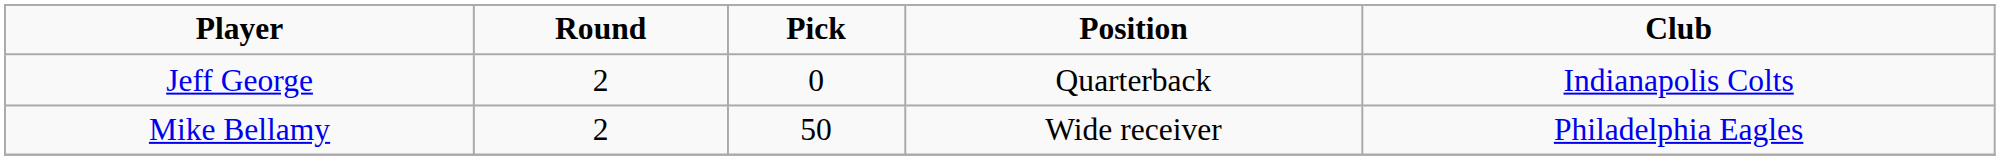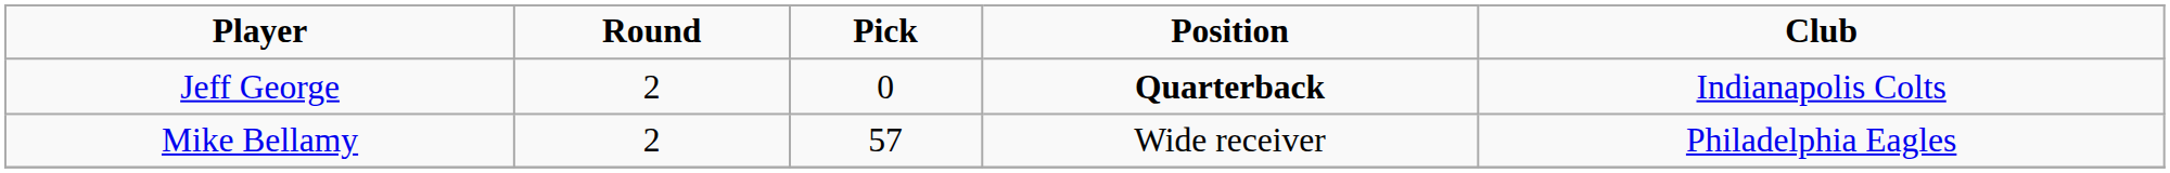 <table class="wikitable" width="80%">
 <tr align="center">
 <td><strong>Player</strong></td>
 <td><strong>Round</strong></td>
 <td><strong>Pick</strong></td>
 <td><strong>Position</strong></td>
 <td><strong>Club</strong></td>
 </tr>
 <tr align="center" bgcolor="">
 <td><a href='#'>Jeff George</a></td>
 <td>2</td>
 <td>0</td>
-<td>Quarterback</td>
+<td><strong>Quarterback</strong></td>
 <td><a href='#'>Indianapolis Colts</a></td>
 </tr>
 <tr align="center" bgcolor="">
 <td><a href='#'>Mike Bellamy</a></td>
 <td>2</td>
-<td>50</td>
+<td>57</td>
 <td>Wide receiver</td>
 <td><a href='#'>Philadelphia Eagles</a></td>
 </tr>
 <tr align="center" bgcolor="">
 </tr>
 </table>
